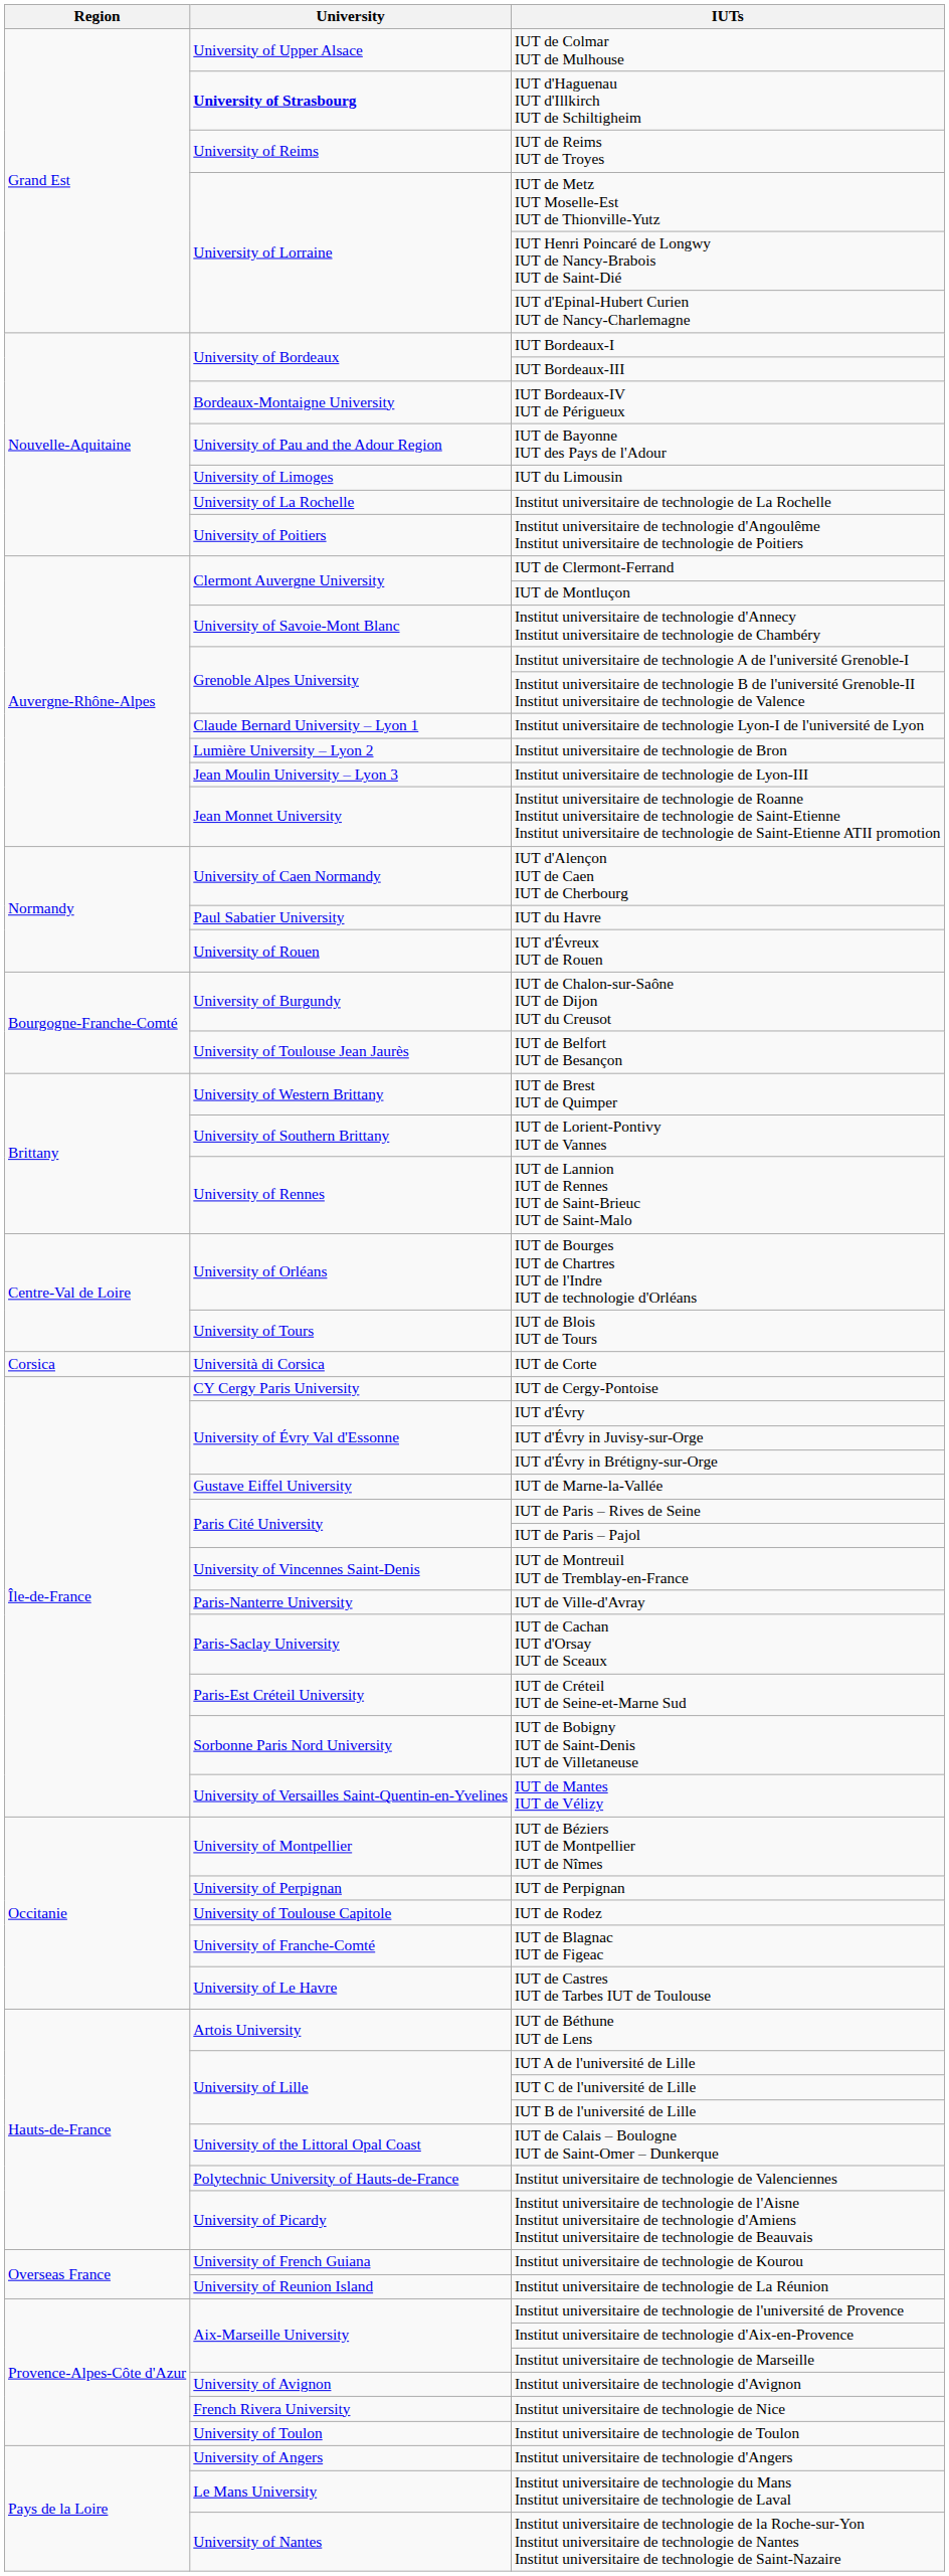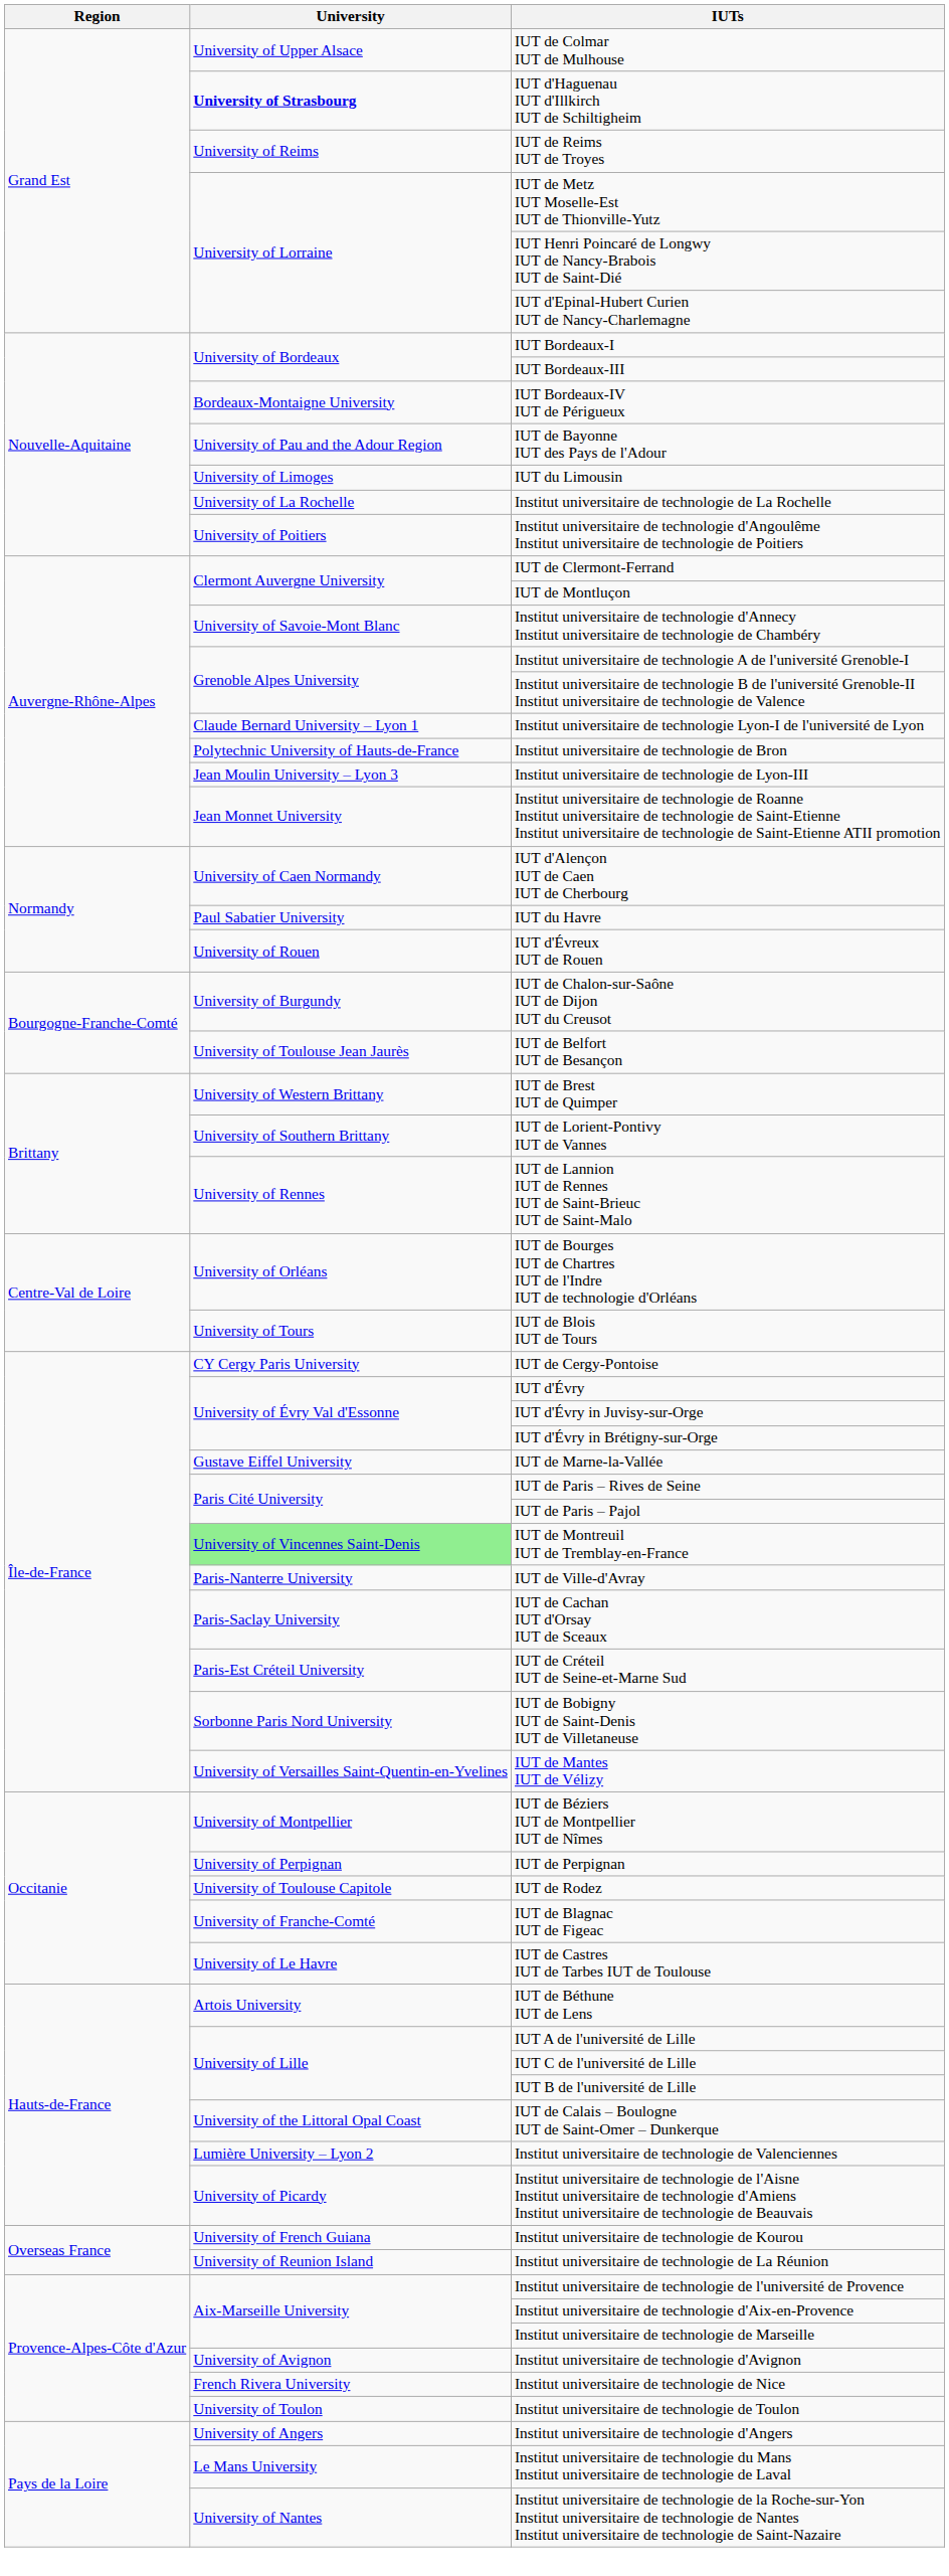 <table class="wikitable">
 <tr>
 <th>Region</th>
 <th>University</th>
 <th>IUTs</th>
 </tr>
 <tr>
 <td rowspan="6"><a href='#'>Grand Est</a></td>
 <td><a href='#'>University of Upper Alsace</a></td>
 <td>IUT de Colmar<br>IUT de Mulhouse</td>
 </tr>
 <tr>
 <td><strong><a href='#'>University of Strasbourg</a></strong></td>
 <td>IUT d'Haguenau<br>IUT d'Illkirch<br>IUT de Schiltigheim</td>
 </tr>
 <tr>
 <td><a href='#'>University of Reims</a></td>
 <td>IUT de Reims<br>IUT de Troyes</td>
 </tr>
 <tr>
 <td rowspan="3"><a href='#'>University of Lorraine</a></td>
 <td>IUT de Metz<br>IUT Moselle-Est<br>IUT de Thionville-Yutz</td>
 </tr>
 <tr>
 <td>IUT Henri Poincaré de Longwy<br>IUT de Nancy-Brabois<br>IUT de Saint-Dié</td>
 </tr>
 <tr>
 <td>IUT d'Epinal-Hubert Curien<br>IUT de Nancy-Charlemagne</td>
 </tr>
 <tr>
 <td rowspan="7"><a href='#'>Nouvelle-Aquitaine</a></td>
 <td rowspan="2"><a href='#'>University of Bordeaux</a></td>
 <td>IUT Bordeaux-I</td>
 </tr>
 <tr>
 <td>IUT Bordeaux-III</td>
 </tr>
 <tr>
 <td><a href='#'>Bordeaux-Montaigne University</a></td>
 <td>IUT Bordeaux-IV<br>IUT de Périgueux</td>
 </tr>
 <tr>
 <td><a href='#'>University of Pau and the Adour Region</a></td>
 <td>IUT de Bayonne<br>IUT des Pays de l'Adour</td>
 </tr>
 <tr>
 <td><a href='#'>University of Limoges</a></td>
 <td>IUT du Limousin</td>
 </tr>
 <tr>
 <td><a href='#'>University of La Rochelle</a></td>
 <td>Institut universitaire de technologie de La Rochelle</td>
 </tr>
 <tr>
 <td><a href='#'>University of Poitiers</a></td>
 <td>Institut universitaire de technologie d'Angoulême<br>Institut universitaire de technologie de Poitiers</td>
 </tr>
 <tr>
 <td rowspan="9"><a href='#'>Auvergne-Rhône-Alpes</a></td>
 <td rowspan="2"><a href='#'>Clermont Auvergne University</a></td>
 <td>IUT de Clermont-Ferrand</td>
 </tr>
 <tr>
 <td>IUT de Montluçon</td>
 </tr>
 <tr>
 <td><a href='#'>University of Savoie-Mont Blanc</a></td>
 <td>Institut universitaire de technologie d'Annecy<br>Institut universitaire de technologie de Chambéry</td>
 </tr>
 <tr>
 <td rowspan="2"><a href='#'>Grenoble Alpes University</a></td>
 <td>Institut universitaire de technologie A de l'université Grenoble-I</td>
 </tr>
 <tr>
 <td>Institut universitaire de technologie B de l'université Grenoble-II<br>Institut universitaire de technologie de Valence</td>
 </tr>
 <tr>
 <td><a href='#'>Claude Bernard University – Lyon 1</a></td>
 <td>Institut universitaire de technologie Lyon-I de l'université de Lyon</td>
 </tr>
 <tr>
-<td><a href='#'>Lumière University – Lyon 2</a></td>
+<td><a href='#'>Polytechnic University of Hauts-de-France</a></td>
 <td>Institut universitaire de technologie de Bron</td>
 </tr>
 <tr>
 <td><a href='#'>Jean Moulin University – Lyon 3</a></td>
 <td>Institut universitaire de technologie de Lyon-III</td>
 </tr>
 <tr>
 <td><a href='#'>Jean Monnet University</a></td>
 <td>Institut universitaire de technologie de Roanne<br>Institut universitaire de technologie de Saint-Etienne<br>Institut universitaire de technologie de Saint-Etienne ATII promotion</td>
 </tr>
 <tr>
 <td rowspan="3"><a href='#'>Normandy</a></td>
 <td><a href='#'>University of Caen Normandy</a></td>
 <td>IUT d'Alençon<br>IUT de Caen<br>IUT de Cherbourg</td>
 </tr>
 <tr>
 <td><a href='#'>Paul Sabatier University</a></td>
 <td>IUT du Havre</td>
 </tr>
 <tr>
 <td><a href='#'>University of Rouen</a></td>
 <td>IUT d'Évreux<br>IUT de Rouen</td>
 </tr>
 <tr>
 <td rowspan="2"><a href='#'>Bourgogne-Franche-Comté</a></td>
 <td><a href='#'>University of Burgundy</a></td>
 <td>IUT de Chalon-sur-Saône<br>IUT de Dijon<br>IUT du Creusot</td>
 </tr>
 <tr>
 <td><a href='#'>University of Toulouse Jean Jaurès</a></td>
 <td>IUT de Belfort<br>IUT de Besançon</td>
 </tr>
 <tr>
 <td rowspan="3"><a href='#'>Brittany</a></td>
 <td><a href='#'>University of Western Brittany</a></td>
 <td>IUT de Brest<br>IUT de Quimper</td>
 </tr>
 <tr>
 <td><a href='#'>University of Southern Brittany</a></td>
 <td>IUT de Lorient-Pontivy<br>IUT de Vannes</td>
 </tr>
 <tr>
 <td><a href='#'>University of Rennes</a></td>
 <td>IUT de Lannion<br>IUT de Rennes<br>IUT de Saint-Brieuc<br>IUT de Saint-Malo</td>
 </tr>
 <tr>
 <td rowspan="2"><a href='#'>Centre-Val de Loire</a></td>
 <td><a href='#'>University of Orléans</a></td>
 <td>IUT de Bourges<br>IUT de Chartres<br>IUT de l'Indre<br>IUT de technologie d'Orléans</td>
 </tr>
 <tr>
 <td><a href='#'>University of Tours</a></td>
 <td>IUT de Blois<br>IUT de Tours</td>
 </tr>
 <tr>
-<td><a href='#'>Corsica</a></td>
-<td><a href='#'>Università di Corsica</a></td>
-<td>IUT de Corte</td>
-</tr>
-<tr>
 <td rowspan="13"><a href='#'>Île-de-France</a></td>
 <td><a href='#'>CY Cergy Paris University</a></td>
 <td>IUT de Cergy-Pontoise</td>
 </tr>
 <tr>
 <td rowspan="3"><a href='#'>University of Évry Val d'Essonne</a></td>
 <td>IUT d'Évry</td>
 </tr>
 <tr>
 <td>IUT d'Évry in Juvisy-sur-Orge</td>
 </tr>
 <tr>
 <td>IUT d'Évry in Brétigny-sur-Orge</td>
 </tr>
 <tr>
 <td><a href='#'>Gustave Eiffel University</a></td>
 <td>IUT de Marne-la-Vallée</td>
 </tr>
 <tr>
 <td rowspan="2"><a href='#'>Paris Cité University</a></td>
 <td>IUT de Paris – Rives de Seine</td>
 </tr>
 <tr>
 <td>IUT de Paris – Pajol</td>
 </tr>
 <tr>
-<td><a href='#'>University of Vincennes Saint-Denis</a></td>
+<td style="background: lightgreen;"><a href='#'>University of Vincennes Saint-Denis</a></td>
 <td>IUT de Montreuil<br>IUT de Tremblay-en-France</td>
 </tr>
 <tr>
 <td><a href='#'>Paris-Nanterre University</a></td>
 <td>IUT de Ville-d'Avray</td>
 </tr>
 <tr>
 <td><a href='#'>Paris-Saclay University</a></td>
 <td>IUT de Cachan<br>IUT d'Orsay<br>IUT de Sceaux</td>
 </tr>
 <tr>
 <td><a href='#'>Paris-Est Créteil University</a></td>
 <td>IUT de Créteil<br>IUT de Seine-et-Marne Sud</td>
 </tr>
 <tr>
 <td><a href='#'>Sorbonne Paris Nord University</a></td>
 <td>IUT de Bobigny<br>IUT de Saint-Denis<br>IUT de Villetaneuse</td>
 </tr>
 <tr>
 <td><a href='#'>University of Versailles Saint-Quentin-en-Yvelines</a></td>
 <td><a href='#'>IUT de Mantes</a><br><a href='#'>IUT de Vélizy</a></td>
 </tr>
 <tr>
 <td rowspan="5"><a href='#'>Occitanie</a></td>
 <td><a href='#'>University of Montpellier</a></td>
 <td>IUT de Béziers<br>IUT de Montpellier<br>IUT de Nîmes</td>
 </tr>
 <tr>
 <td><a href='#'>University of Perpignan</a></td>
 <td>IUT de Perpignan</td>
 </tr>
 <tr>
 <td><a href='#'>University of Toulouse Capitole</a></td>
 <td>IUT de Rodez</td>
 </tr>
 <tr>
 <td><a href='#'>University of Franche-Comté</a></td>
 <td>IUT de Blagnac<br>IUT de Figeac</td>
 </tr>
 <tr>
 <td><a href='#'>University of Le Havre</a></td>
 <td>IUT de Castres<br>IUT de Tarbes IUT de Toulouse</td>
 </tr>
 <tr>
 <td rowspan="7"><a href='#'>Hauts-de-France</a></td>
 <td><a href='#'>Artois University</a></td>
 <td>IUT de Béthune<br>IUT de Lens</td>
 </tr>
 <tr>
 <td rowspan="3"><a href='#'>University of Lille</a></td>
 <td>IUT A de l'université de Lille</td>
 </tr>
 <tr>
 <td>IUT C de l'université de Lille</td>
 </tr>
 <tr>
 <td>IUT B de l'université de Lille</td>
 </tr>
 <tr>
 <td><a href='#'>University of the Littoral Opal Coast</a></td>
 <td>IUT de Calais – Boulogne<br>IUT de Saint-Omer – Dunkerque</td>
 </tr>
 <tr>
-<td><a href='#'>Polytechnic University of Hauts-de-France</a></td>
+<td><a href='#'>Lumière University – Lyon 2</a></td>
 <td>Institut universitaire de technologie de Valenciennes</td>
 </tr>
 <tr>
 <td><a href='#'>University of Picardy</a></td>
 <td>Institut universitaire de technologie de l'Aisne<br>Institut universitaire de technologie d'Amiens<br>Institut universitaire de technologie de Beauvais</td>
 </tr>
 <tr>
 <td rowspan="2"><a href='#'>Overseas France</a></td>
 <td><a href='#'>University of French Guiana</a></td>
 <td>Institut universitaire de technologie de Kourou</td>
 </tr>
 <tr>
 <td><a href='#'>University of Reunion Island</a></td>
 <td>Institut universitaire de technologie de La Réunion</td>
 </tr>
 <tr>
 <td rowspan="6"><a href='#'>Provence-Alpes-Côte d'Azur</a></td>
 <td rowspan="3"><a href='#'>Aix-Marseille University</a></td>
 <td>Institut universitaire de technologie de l'université de Provence</td>
 </tr>
 <tr>
 <td>Institut universitaire de technologie d'Aix-en-Provence</td>
 </tr>
 <tr>
 <td>Institut universitaire de technologie de Marseille</td>
 </tr>
 <tr>
 <td><a href='#'>University of Avignon</a></td>
 <td>Institut universitaire de technologie d'Avignon</td>
 </tr>
 <tr>
 <td><a href='#'>French Rivera University</a></td>
 <td>Institut universitaire de technologie de Nice</td>
 </tr>
 <tr>
 <td><a href='#'>University of Toulon</a></td>
 <td>Institut universitaire de technologie de Toulon</td>
 </tr>
 <tr>
 <td rowspan="3"><a href='#'>Pays de la Loire</a></td>
 <td><a href='#'>University of Angers</a></td>
 <td>Institut universitaire de technologie d'Angers</td>
 </tr>
 <tr>
 <td><a href='#'>Le Mans University</a></td>
 <td>Institut universitaire de technologie du Mans<br>Institut universitaire de technologie de Laval</td>
 </tr>
 <tr>
 <td><a href='#'>University of Nantes</a></td>
 <td>Institut universitaire de technologie de la Roche-sur-Yon<br>Institut universitaire de technologie de Nantes<br>Institut universitaire de technologie de Saint-Nazaire</td>
 </tr>
 </table>
